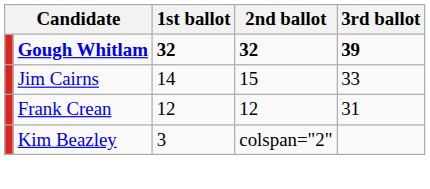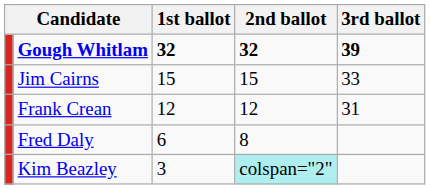 <table class="wikitable">
 <tr>
 <th colspan="2">Candidate</th>
 <th>1st ballot</th>
 <th>2nd ballot</th>
 <th>3rd ballot</th>
 </tr>
 <tr>
 <td style="background:#DC241F"></td>
 <td><strong><a href='#'>Gough Whitlam</a></strong></td>
 <td><strong>32</strong></td>
 <td><strong>32</strong></td>
 <td><strong>39</strong></td>
 </tr>
 <tr>
 <td style="background:#DC241F"></td>
 <td><a href='#'>Jim Cairns</a></td>
-<td>14</td>
+<td>15</td>
 <td>15</td>
 <td>33</td>
 </tr>
 <tr>
 <td style="background:#DC241F"></td>
 <td><a href='#'>Frank Crean</a></td>
 <td>12</td>
 <td>12</td>
 <td>31</td>
 </tr>
 <tr>
 <td style="background:#DC241F"></td>
+<td><a href='#'>Fred Daly</a></td>
+<td>6</td>
+<td>8</td>
+<td></td>
+</tr>
+<tr>
+<td style="background:#DC241F"></td>
 <td><a href='#'>Kim Beazley</a></td>
 <td>3</td>
-<td>colspan="2" </td>
+<td style="background: paleturquoise;">colspan="2" </td>
 </tr>
 </table>
